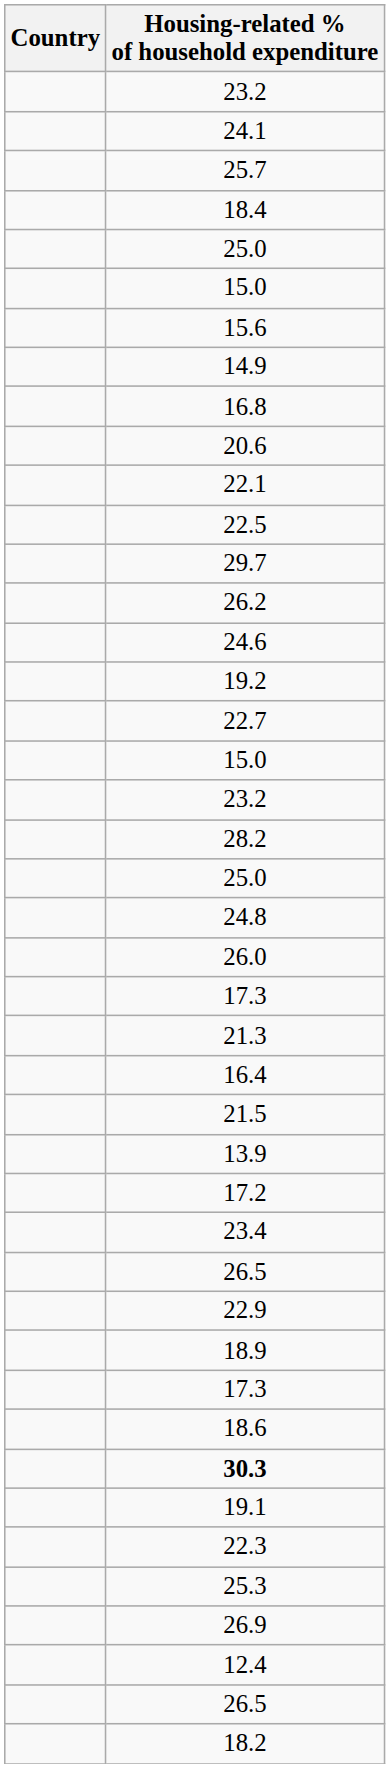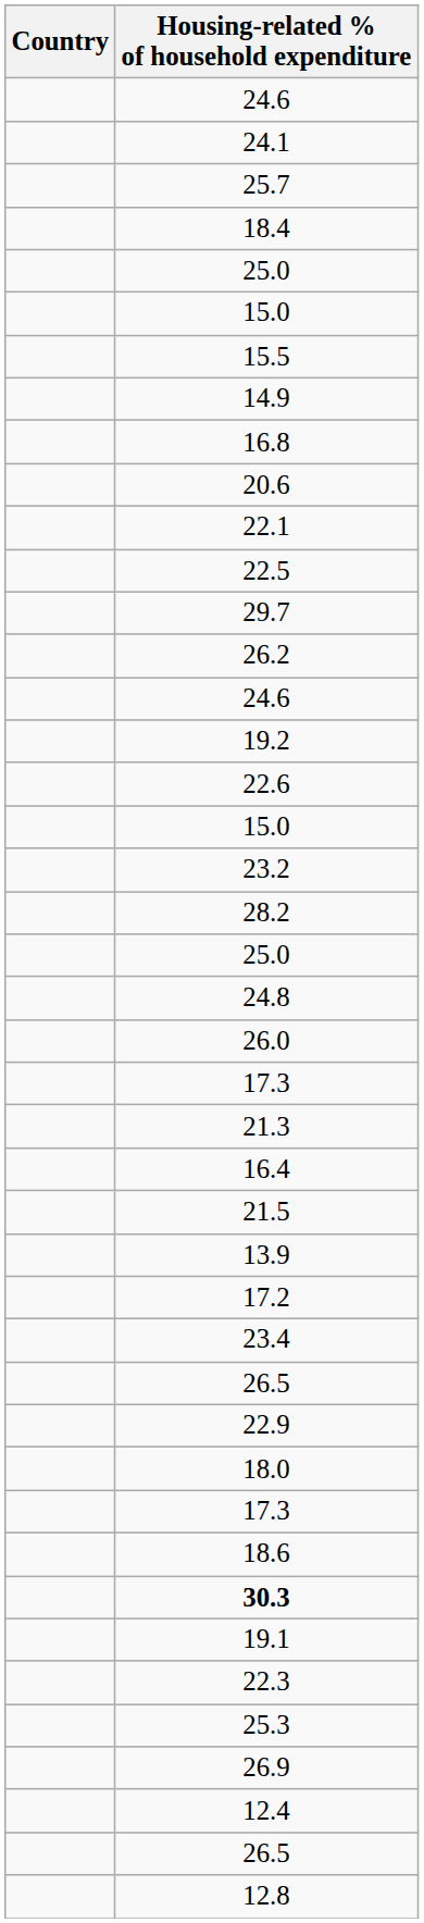 <table class="wikitable sortable sticky-header col1left" style="text-align:center;">
 <tr>
 <th>Country</th>
 <th>Housing-related %<br>of household expenditure</th>
 </tr>
 <tr>
 <td></td>
-<td>23.2</td>
+<td>24.6</td>
 </tr>
 <tr>
 <td></td>
 <td>24.1</td>
 </tr>
 <tr>
 <td></td>
 <td>25.7</td>
 </tr>
 <tr>
 <td></td>
 <td>18.4</td>
 </tr>
 <tr>
 <td></td>
 <td>25.0</td>
 </tr>
 <tr>
 <td></td>
 <td>15.0</td>
 </tr>
 <tr>
 <td></td>
-<td>15.6</td>
+<td>15.5</td>
 </tr>
 <tr>
 <td></td>
 <td>14.9</td>
 </tr>
 <tr>
 <td></td>
 <td>16.8</td>
 </tr>
 <tr>
 <td></td>
 <td>20.6</td>
 </tr>
 <tr>
 <td></td>
 <td>22.1</td>
 </tr>
 <tr>
 <td></td>
 <td>22.5</td>
 </tr>
 <tr>
 <td></td>
 <td>29.7</td>
 </tr>
 <tr>
 <td></td>
 <td>26.2</td>
 </tr>
 <tr>
 <td></td>
 <td>24.6</td>
 </tr>
 <tr>
 <td></td>
 <td>19.2</td>
 </tr>
 <tr>
 <td></td>
-<td>22.7</td>
+<td>22.6</td>
 </tr>
 <tr>
 <td></td>
 <td>15.0</td>
 </tr>
 <tr>
 <td></td>
 <td>23.2</td>
 </tr>
 <tr>
 <td></td>
 <td>28.2</td>
 </tr>
 <tr>
 <td></td>
 <td>25.0</td>
 </tr>
 <tr>
 <td></td>
 <td>24.8</td>
 </tr>
 <tr>
 <td></td>
 <td>26.0</td>
 </tr>
 <tr>
 <td></td>
 <td>17.3</td>
 </tr>
 <tr>
 <td></td>
 <td>21.3</td>
 </tr>
 <tr>
 <td></td>
 <td>16.4</td>
 </tr>
 <tr>
 <td></td>
 <td>21.5</td>
 </tr>
 <tr>
 <td></td>
 <td>13.9</td>
 </tr>
 <tr>
 <td></td>
 <td>17.2</td>
 </tr>
 <tr>
 <td></td>
 <td>23.4</td>
 </tr>
 <tr>
 <td></td>
 <td>26.5</td>
 </tr>
 <tr>
 <td></td>
 <td>22.9</td>
 </tr>
 <tr>
 <td></td>
-<td>18.9</td>
+<td>18.0</td>
 </tr>
 <tr>
 <td></td>
 <td>17.3</td>
 </tr>
 <tr>
 <td></td>
 <td>18.6</td>
 </tr>
 <tr>
 <td></td>
 <td><strong>30.3</strong></td>
 </tr>
 <tr>
 <td></td>
 <td>19.1</td>
 </tr>
 <tr>
 <td></td>
 <td>22.3</td>
 </tr>
 <tr>
 <td></td>
 <td>25.3</td>
 </tr>
 <tr>
 <td></td>
 <td>26.9</td>
 </tr>
 <tr>
 <td></td>
 <td>12.4</td>
 </tr>
 <tr>
 <td></td>
 <td>26.5</td>
 </tr>
 <tr>
 <td></td>
-<td>18.2</td>
+<td>12.8</td>
 </tr>
 </table>
